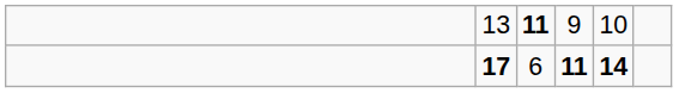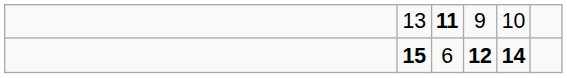 <table class="wikitable">
 <tr>
 <td style="width:18em"></td>
 <td align=center style="width:1em">13</td>
 <td align=center style="width:1em"><strong>11</strong></td>
 <td align=center style="width:1em">9</td>
 <td align=center style="width:1em">10</td>
 <td align=center style="width:1em"></td>
 </tr>
 <tr>
 <td style="width:18em"></td>
-<td align=center style="width:1em"><strong>17</strong></td>
+<td align=center style="width:1em"><strong>15</strong></td>
 <td align=center style="width:1em">6</td>
-<td align=center style="width:1em"><strong>11</strong></td>
+<td align=center style="width:1em"><strong>12</strong></td>
 <td align=center style="width:1em"><strong>14</strong></td>
 <td align=center style="width:1em"></td>
 </tr>
 </table>
